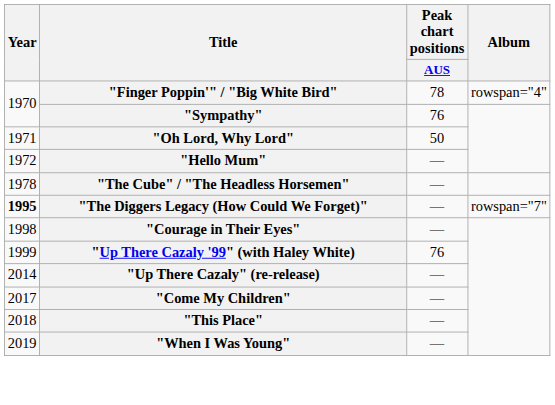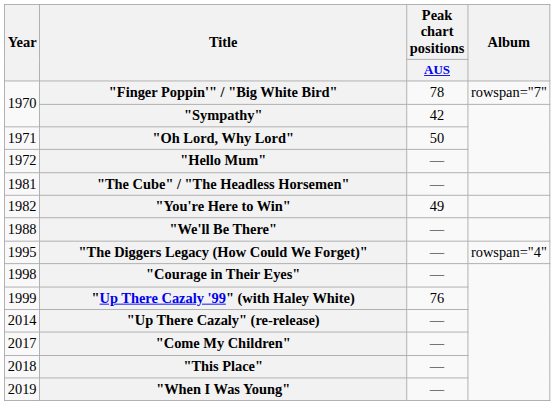 <table class="wikitable plainrowheaders" style="text-align:center;" border="1">
 <tr>
 <th scope="col" rowspan="2">Year</th>
 <th scope="col" rowspan="2" style="width:25em;">Title</th>
 <th scope="col" colspan="1">Peak chart<br>positions</th>
 <th scope="col" rowspan="2">Album</th>
 </tr>
 <tr>
 <th scope="col" style="width:3em; font-size:90%"><a href='#'>AUS</a><br></th>
 </tr>
 <tr>
 <td rowspan="2">1970</td>
 <th scope="row">"Finger Poppin'" / "Big White Bird"</th>
 <td>78</td>
-<td>rowspan="4" </td>
+<td>rowspan="7" </td>
 </tr>
 <tr>
 <th scope="row">"Sympathy"</th>
-<td>76</td>
+<td>42</td>
 </tr>
 <tr>
 <td>1971</td>
 <th scope="row">"Oh Lord, Why Lord"</th>
 <td>50</td>
 </tr>
 <tr>
 <td>1972</td>
 <th scope="row">"Hello Mum"</th>
 <td>—</td>
 </tr>
 <tr>
-<td>1978</td>
+<td>1981</td>
 <th scope="row">"The Cube" / "The Headless Horsemen"</th>
 <td>—</td>
 <td></td>
 </tr>
 <tr>
-<td><strong>1995</strong></td>
+<td>1982</td>
+<th scope="row">"You're Here to Win"</th>
+<td>49</td>
+<td></td>
+</tr>
+<tr>
+<td>1988</td>
+<th scope="row">"We'll Be There"</th>
+<td>—</td>
+<td></td>
+</tr>
+<tr>
+<td>1995</td>
 <th scope="row">"The Diggers Legacy (How Could We Forget)"</th>
 <td>—</td>
-<td>rowspan="7" </td>
+<td>rowspan="4" </td>
 </tr>
 <tr>
 <td>1998</td>
 <th scope="row">"Courage in Their Eyes"</th>
 <td>—</td>
 </tr>
 <tr>
 <td>1999</td>
 <th scope="row">"<a href='#'>Up There Cazaly '99</a>" (with Haley White)</th>
 <td>76</td>
 </tr>
 <tr>
 <td>2014</td>
 <th scope="row">"Up There Cazaly" (re-release)</th>
 <td>—</td>
 </tr>
 <tr>
 <td>2017</td>
 <th scope="row">"Come My Children" </th>
 <td>—</td>
 </tr>
 <tr>
 <td>2018</td>
 <th scope="row">"This Place"</th>
 <td>—</td>
 </tr>
 <tr>
 <td>2019</td>
 <th scope="row">"When I Was Young"</th>
 <td>—</td>
 </tr>
 </table>
